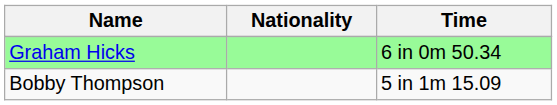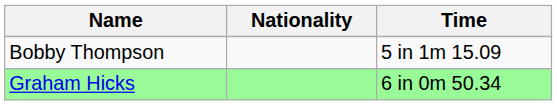 <table class="wikitable" style="display: inline-table;width: 50%;">
 <tr>
 <th>Name</th>
 <th>Nationality</th>
 <th>Time</th>
 </tr>
 <tr>
 </tr>
+<tr>
+<td>Bobby Thompson</td>
+<td></td>
+<td>5 in 1m 15.09</td>
+</tr>
 <tr style="background:palegreen">
 <td><a href='#'>Graham Hicks</a></td>
 <td></td>
 <td>6 in 0m 50.34</td>
 </tr>
-<tr>
-<td>Bobby Thompson</td>
-<td></td>
-<td>5 in 1m 15.09</td>
-</tr>
 </table>
